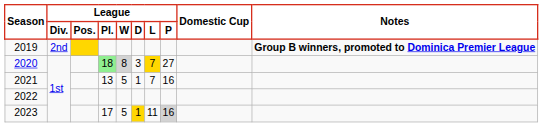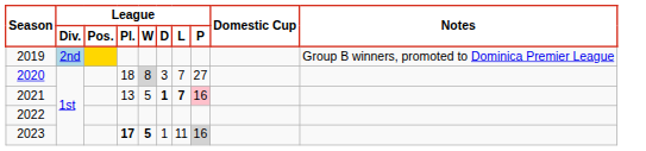 <table class="wikitable">
 <tr style="background:#d92121;">
 <th rowspan="2" ! style="background:#FFFFFF; color:#000000; border:2px solid #D62E1D;" scope="col">Season</th>
 <th colspan="7" ! style="background:#FFFFFF; color:#000000; border:2px solid #D62E1D;" scope="col">League</th>
 <th rowspan="2" ! style="background:#FFFFFF; color:#000000; border:2px solid #D62E1D;" scope="col">Domestic Cup</th>
 <th rowspan="2" ! style="background:#FFFFFF; color:#000000; border:2px solid #D62E1D;" scope="col">Notes</th>
 </tr>
 <tr>
 <th style="background:#FFFFFF; color:#000000;border:2px solid #D62E1D;" scope="col">Div.</th>
 <th style="background:#FFFFFF; color:#000000;border:2px solid #D62E1D;" scope="col">Pos.</th>
 <th style="background:#FFFFFF; color:#000000;border:2px solid #D62E1D;" scope="col">Pl.</th>
 <th style="background:#FFFFFF; color:#000000;border:2px solid #D62E1D;" scope="col">W</th>
 <th style="background:#FFFFFF; color:#000000;border:2px solid #D62E1D;" scope="col">D</th>
 <th style="background:#FFFFFF; color:#000000;border:2px solid #D62E1D;" scope="col">L</th>
 <th style="background:#FFFFFF; color:#000000;border:2px solid #D62E1D;" scope="col">P</th>
 </tr>
 <tr>
 <td align=center>2019</td>
-<td align=center><a href='#'>2nd</a></td>
+<td align=center style="background: lightblue;"><a href='#'>2nd</a></td>
 <td bgcolor="#FFD700"></td>
 <td align=center></td>
 <td align=center></td>
 <td align=center></td>
 <td align=center></td>
 <td align=center></td>
 <td align=center></td>
-<td><strong>Group B winners, promoted to <a href='#'>Dominica Premier League</a></strong></td>
+<td>Group B winners, promoted to <a href='#'>Dominica Premier League</a></td>
 </tr>
 <tr>
 <td align=center><a href='#'>2020</a></td>
 <td align=center; rowspan=4><a href='#'>1st</a></td>
 <td></td>
-<td align=center style="background: lightgreen;">18</td>
+<td align=center>18</td>
 <td align=center style="background: lightgrey;">8</td>
 <td align=center>3</td>
-<td align=center style="background: gold;">7</td>
+<td align=center>7</td>
 <td align=center>27</td>
 <td align=center></td>
 <td></td>
 </tr>
 <tr>
 <td align=center>2021</td>
 <td></td>
 <td align=center>13</td>
 <td align=center>5</td>
-<td align=center>1</td>
-<td align=center>7</td>
-<td align=center>16</td>
+<td align=center><strong>1</strong></td>
+<td align=center><strong>7</strong></td>
+<td align=center style="background: pink;">16</td>
 <td align=center></td>
 <td></td>
 </tr>
 <tr>
 <td align=center>2022</td>
 <td></td>
 <td align=center></td>
 <td align=center></td>
 <td align=center></td>
 <td align=center></td>
 <td align=center></td>
 <td align=center></td>
 </tr>
 <tr>
 <td align=center>2023</td>
 <td></td>
-<td align=center>17</td>
-<td align=center>5</td>
-<td align=center style="background: gold;">1</td>
+<td align=center><strong>17</strong></td>
+<td align=center><strong>5</strong></td>
+<td align=center>1</td>
 <td align=center>11</td>
 <td align=center style="background: lightgrey;">16</td>
 <td align=center></td>
 <td></td>
 </tr>
 </table>
